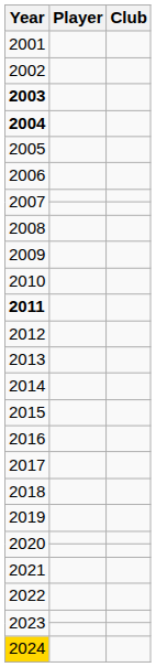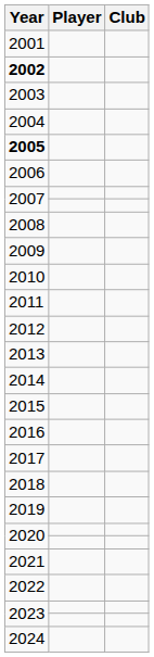 <table class="wikitable sortable">
 <tr>
 <th>Year</th>
 <th>Player</th>
 <th>Club</th>
 </tr>
 <tr>
 <td>2001</td>
 <td></td>
 <td></td>
 </tr>
 <tr>
-<td>2002</td>
+<td><strong>2002</strong></td>
 <td></td>
 <td></td>
 </tr>
 <tr>
-<td><strong>2003</strong></td>
+<td>2003</td>
 <td></td>
 <td></td>
 </tr>
 <tr>
-<td><strong>2004</strong></td>
+<td>2004</td>
 <td></td>
 <td></td>
 </tr>
 <tr>
-<td>2005</td>
+<td><strong>2005</strong></td>
 <td></td>
 <td></td>
 </tr>
 <tr>
 <td>2006</td>
 <td></td>
 <td></td>
 </tr>
 <tr>
 <td rowspan="2">2007</td>
 <td></td>
 <td></td>
 </tr>
 <tr>
 <td></td>
 <td></td>
 </tr>
 <tr>
 <td>2008</td>
 <td></td>
 <td></td>
 </tr>
 <tr>
 <td>2009</td>
 <td></td>
 <td></td>
 </tr>
 <tr>
 <td>2010</td>
 <td></td>
 <td></td>
 </tr>
 <tr>
-<td><strong>2011</strong></td>
+<td>2011</td>
 <td></td>
 <td></td>
 </tr>
 <tr>
 <td>2012</td>
 <td></td>
 <td></td>
 </tr>
 <tr>
 <td>2013</td>
 <td></td>
 <td></td>
 </tr>
 <tr>
 <td>2014</td>
 <td></td>
 <td></td>
 </tr>
 <tr>
 <td>2015</td>
 <td></td>
 <td></td>
 </tr>
 <tr>
 <td>2016</td>
 <td></td>
 <td></td>
 </tr>
 <tr>
 <td>2017</td>
 <td></td>
 <td></td>
 </tr>
 <tr>
 <td>2018</td>
 <td></td>
 <td></td>
 </tr>
 <tr>
 <td>2019</td>
 <td></td>
 <td></td>
 </tr>
 <tr>
 <td rowspan="2">2020</td>
 <td></td>
 <td></td>
 </tr>
 <tr>
 <td></td>
 <td></td>
 </tr>
 <tr>
 <td>2021</td>
 <td></td>
 <td></td>
 </tr>
 <tr>
 <td>2022</td>
 <td></td>
 <td></td>
 </tr>
 <tr>
 <td rowspan="2">2023</td>
 <td></td>
 <td></td>
 </tr>
 <tr>
 <td></td>
 <td></td>
 </tr>
 <tr>
-<td style="background: gold;">2024</td>
+<td>2024</td>
 <td></td>
 <td></td>
 </tr>
 </table>
